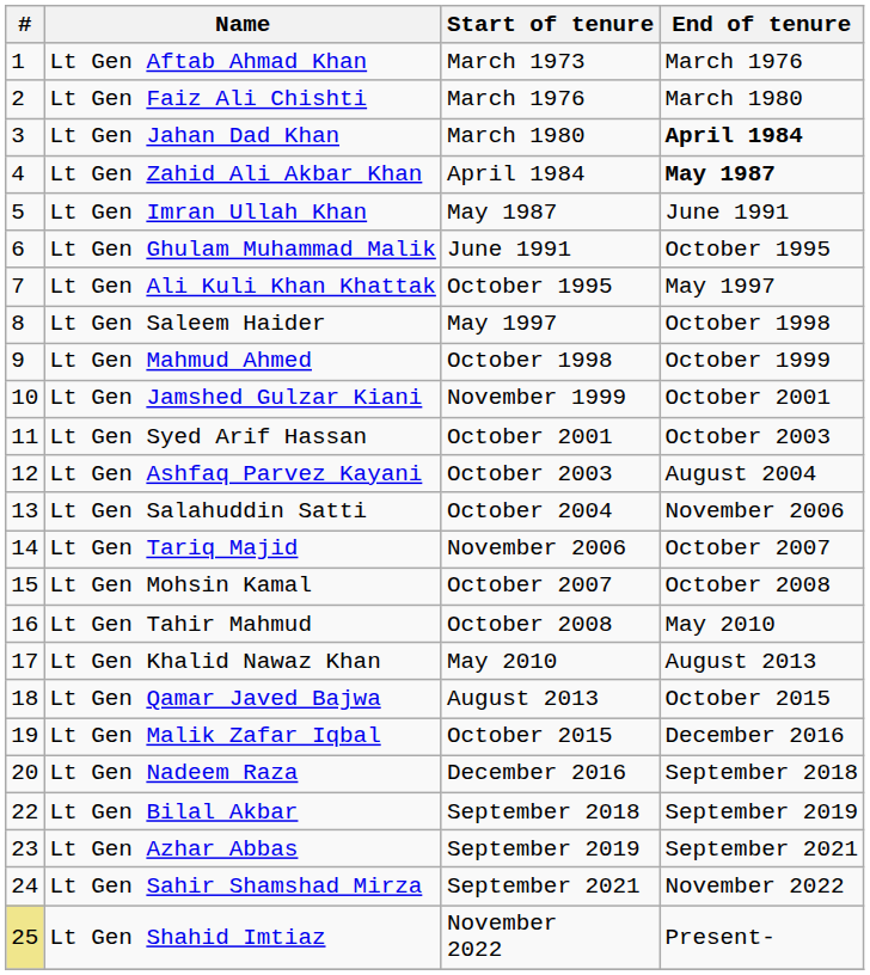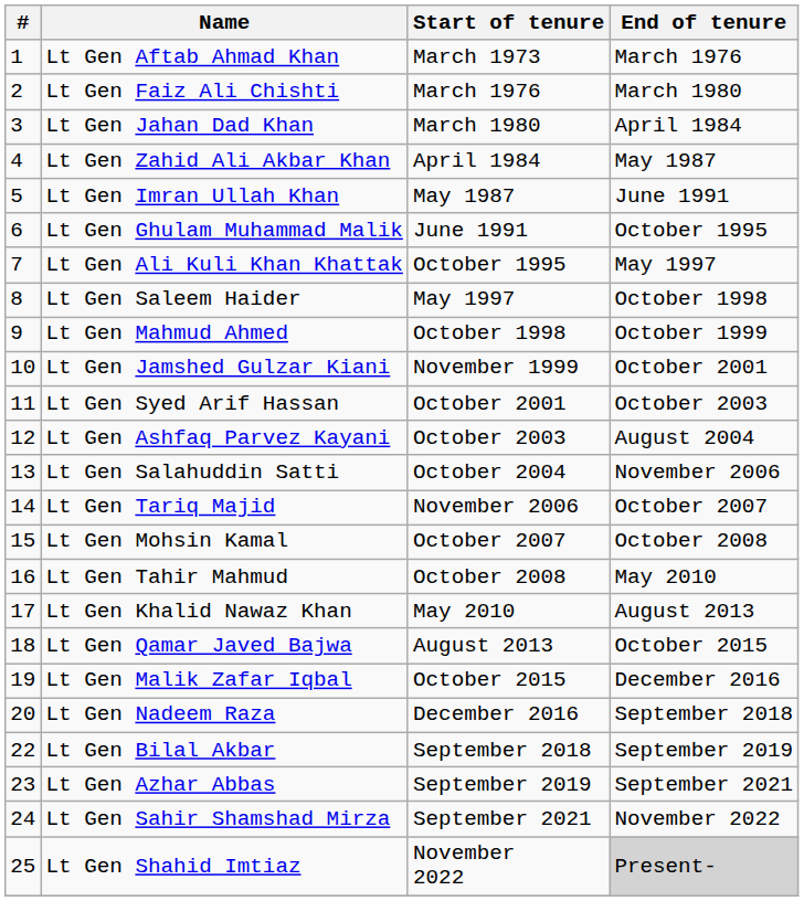 <table class="wikitable sortable">
 <tr>
 <th>#</th>
 <th>Name</th>
 <th>Start of tenure</th>
 <th>End of tenure</th>
 </tr>
 <tr>
 <td>1</td>
 <td>Lt Gen <a href='#'>Aftab Ahmad Khan</a></td>
 <td>March 1973</td>
 <td>March 1976</td>
 </tr>
 <tr>
 <td>2</td>
 <td>Lt Gen <a href='#'>Faiz Ali Chishti</a></td>
 <td>March 1976</td>
 <td>March 1980</td>
 </tr>
 <tr>
 <td>3</td>
 <td>Lt Gen <a href='#'>Jahan Dad Khan</a></td>
 <td>March 1980</td>
-<td><strong>April 1984</strong></td>
+<td>April 1984</td>
 </tr>
 <tr>
 <td>4</td>
 <td>Lt Gen <a href='#'>Zahid Ali Akbar Khan</a></td>
 <td>April 1984</td>
-<td><strong>May 1987</strong></td>
+<td>May 1987</td>
 </tr>
 <tr>
 <td>5</td>
 <td>Lt Gen <a href='#'>Imran Ullah Khan</a></td>
 <td>May 1987</td>
 <td>June 1991</td>
 </tr>
 <tr>
 <td>6</td>
 <td>Lt Gen <a href='#'>Ghulam Muhammad Malik</a></td>
 <td>June 1991</td>
 <td>October 1995</td>
 </tr>
 <tr>
 <td>7</td>
 <td>Lt Gen <a href='#'>Ali Kuli Khan Khattak</a></td>
 <td>October 1995</td>
 <td>May 1997</td>
 </tr>
 <tr>
 <td>8</td>
 <td>Lt Gen Saleem Haider</td>
 <td>May 1997</td>
 <td>October 1998</td>
 </tr>
 <tr>
 <td>9</td>
 <td>Lt Gen <a href='#'>Mahmud Ahmed</a></td>
 <td>October 1998</td>
 <td>October 1999</td>
 </tr>
 <tr>
 <td>10</td>
 <td>Lt Gen <a href='#'>Jamshed Gulzar Kiani</a></td>
 <td>November 1999</td>
 <td>October 2001</td>
 </tr>
 <tr>
 <td>11</td>
 <td>Lt Gen Syed Arif Hassan</td>
 <td>October 2001</td>
 <td>October 2003</td>
 </tr>
 <tr>
 <td>12</td>
 <td>Lt Gen <a href='#'>Ashfaq Parvez Kayani</a></td>
 <td>October 2003</td>
 <td>August 2004</td>
 </tr>
 <tr>
 <td>13</td>
 <td>Lt Gen Salahuddin Satti</td>
 <td>October 2004</td>
 <td>November 2006</td>
 </tr>
 <tr>
 <td>14</td>
 <td>Lt Gen <a href='#'>Tariq Majid</a></td>
 <td>November 2006</td>
 <td>October 2007</td>
 </tr>
 <tr>
 <td>15</td>
 <td>Lt Gen Mohsin Kamal</td>
 <td>October 2007</td>
 <td>October 2008</td>
 </tr>
 <tr>
 <td>16</td>
 <td>Lt Gen Tahir Mahmud</td>
 <td>October 2008</td>
 <td>May 2010</td>
 </tr>
 <tr>
 <td>17</td>
 <td>Lt Gen Khalid Nawaz Khan</td>
 <td>May 2010</td>
 <td>August 2013</td>
 </tr>
 <tr>
 <td>18</td>
 <td>Lt Gen <a href='#'>Qamar Javed Bajwa</a></td>
 <td>August 2013</td>
 <td>October 2015</td>
 </tr>
 <tr>
 <td>19</td>
 <td>Lt Gen <a href='#'>Malik Zafar Iqbal</a></td>
 <td>October 2015</td>
 <td>December 2016</td>
 </tr>
 <tr>
 <td>20</td>
 <td>Lt Gen <a href='#'>Nadeem Raza</a></td>
 <td>December 2016</td>
 <td>September 2018</td>
 </tr>
 <tr>
 <td>22</td>
 <td>Lt Gen <a href='#'>Bilal Akbar</a></td>
 <td>September 2018</td>
 <td>September 2019</td>
 </tr>
 <tr>
 <td>23</td>
 <td>Lt Gen <a href='#'>Azhar Abbas</a></td>
 <td>September 2019</td>
 <td>September 2021</td>
 </tr>
 <tr>
 <td>24</td>
 <td>Lt Gen <a href='#'>Sahir Shamshad Mirza</a></td>
 <td>September 2021</td>
 <td>November 2022</td>
 </tr>
 <tr>
-<td style="background: khaki;">25</td>
+<td>25</td>
 <td>Lt Gen <a href='#'>Shahid Imtiaz</a></td>
 <td>November<br>2022</td>
-<td>Present-</td>
+<td style="background: lightgrey;">Present-</td>
 </tr>
 <tr>
 </tr>
 </table>
